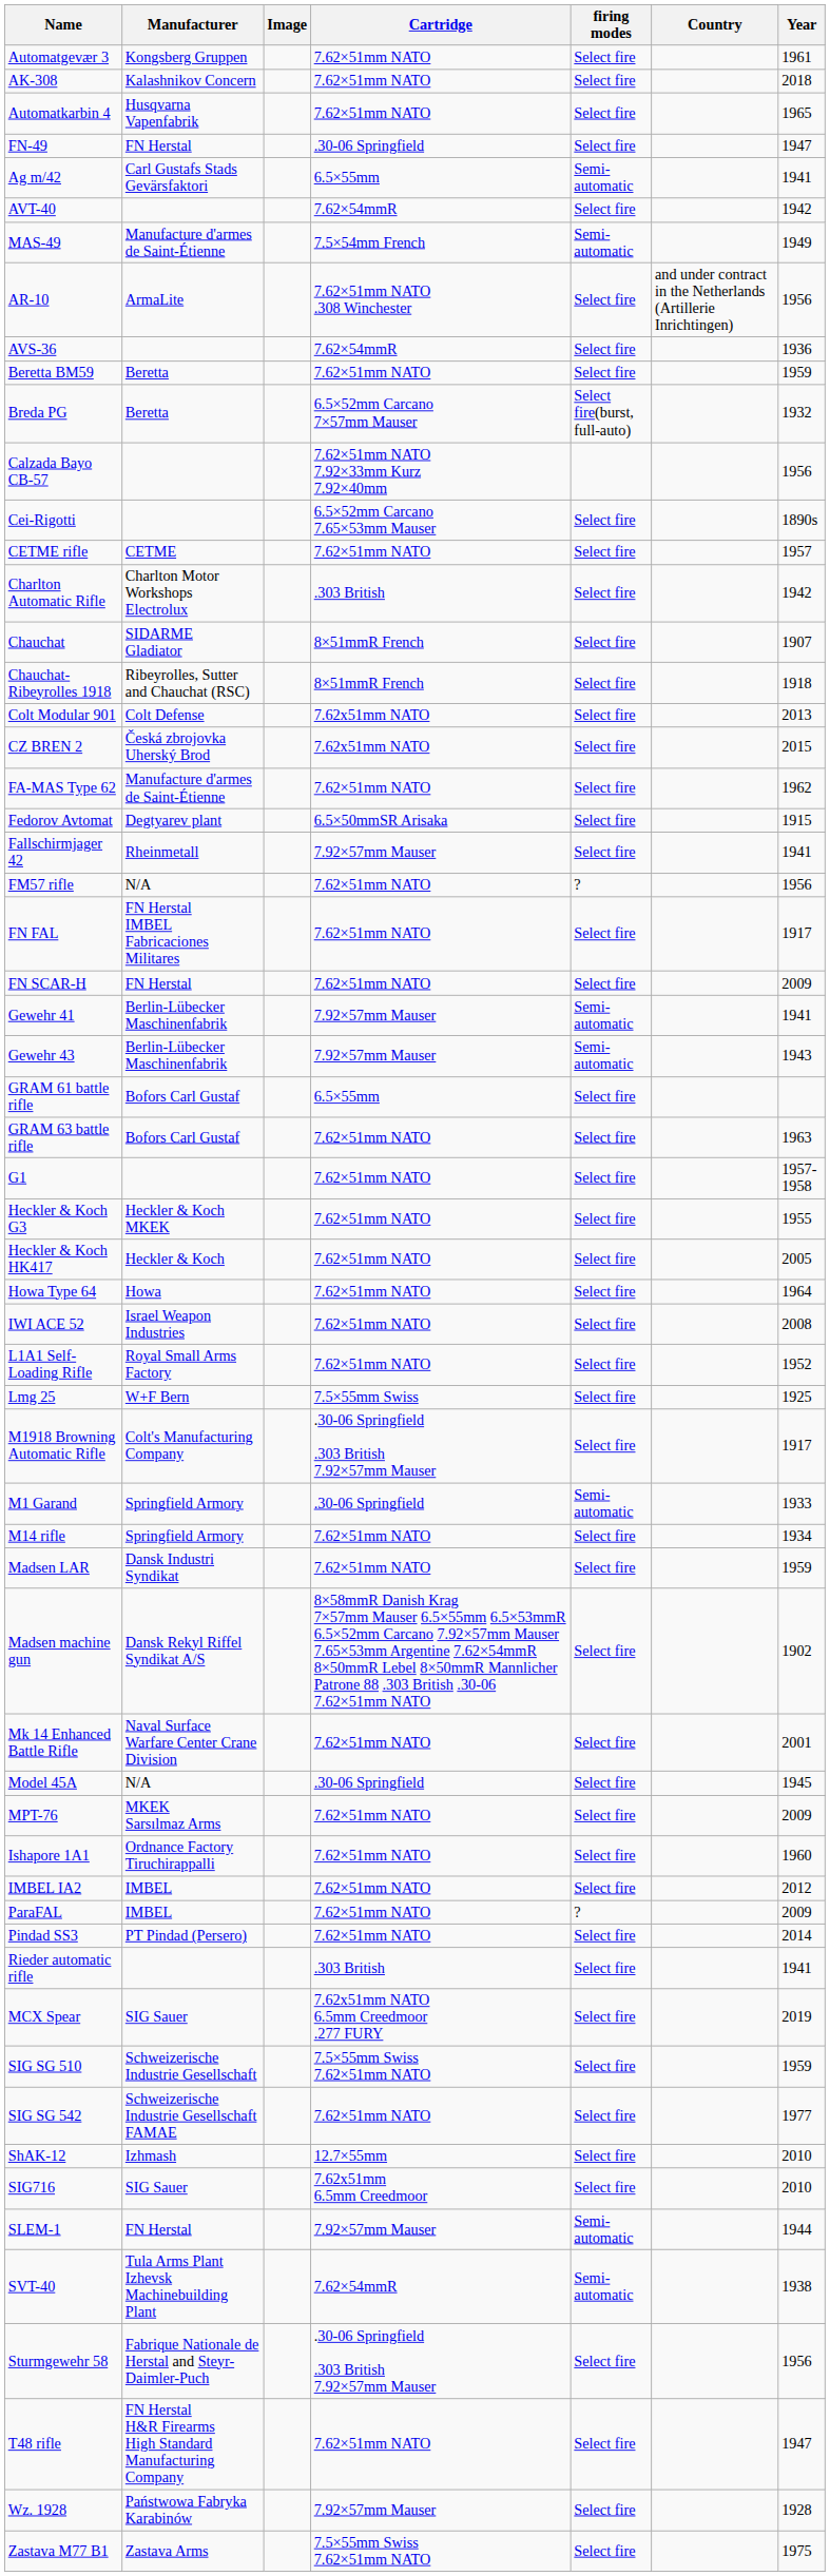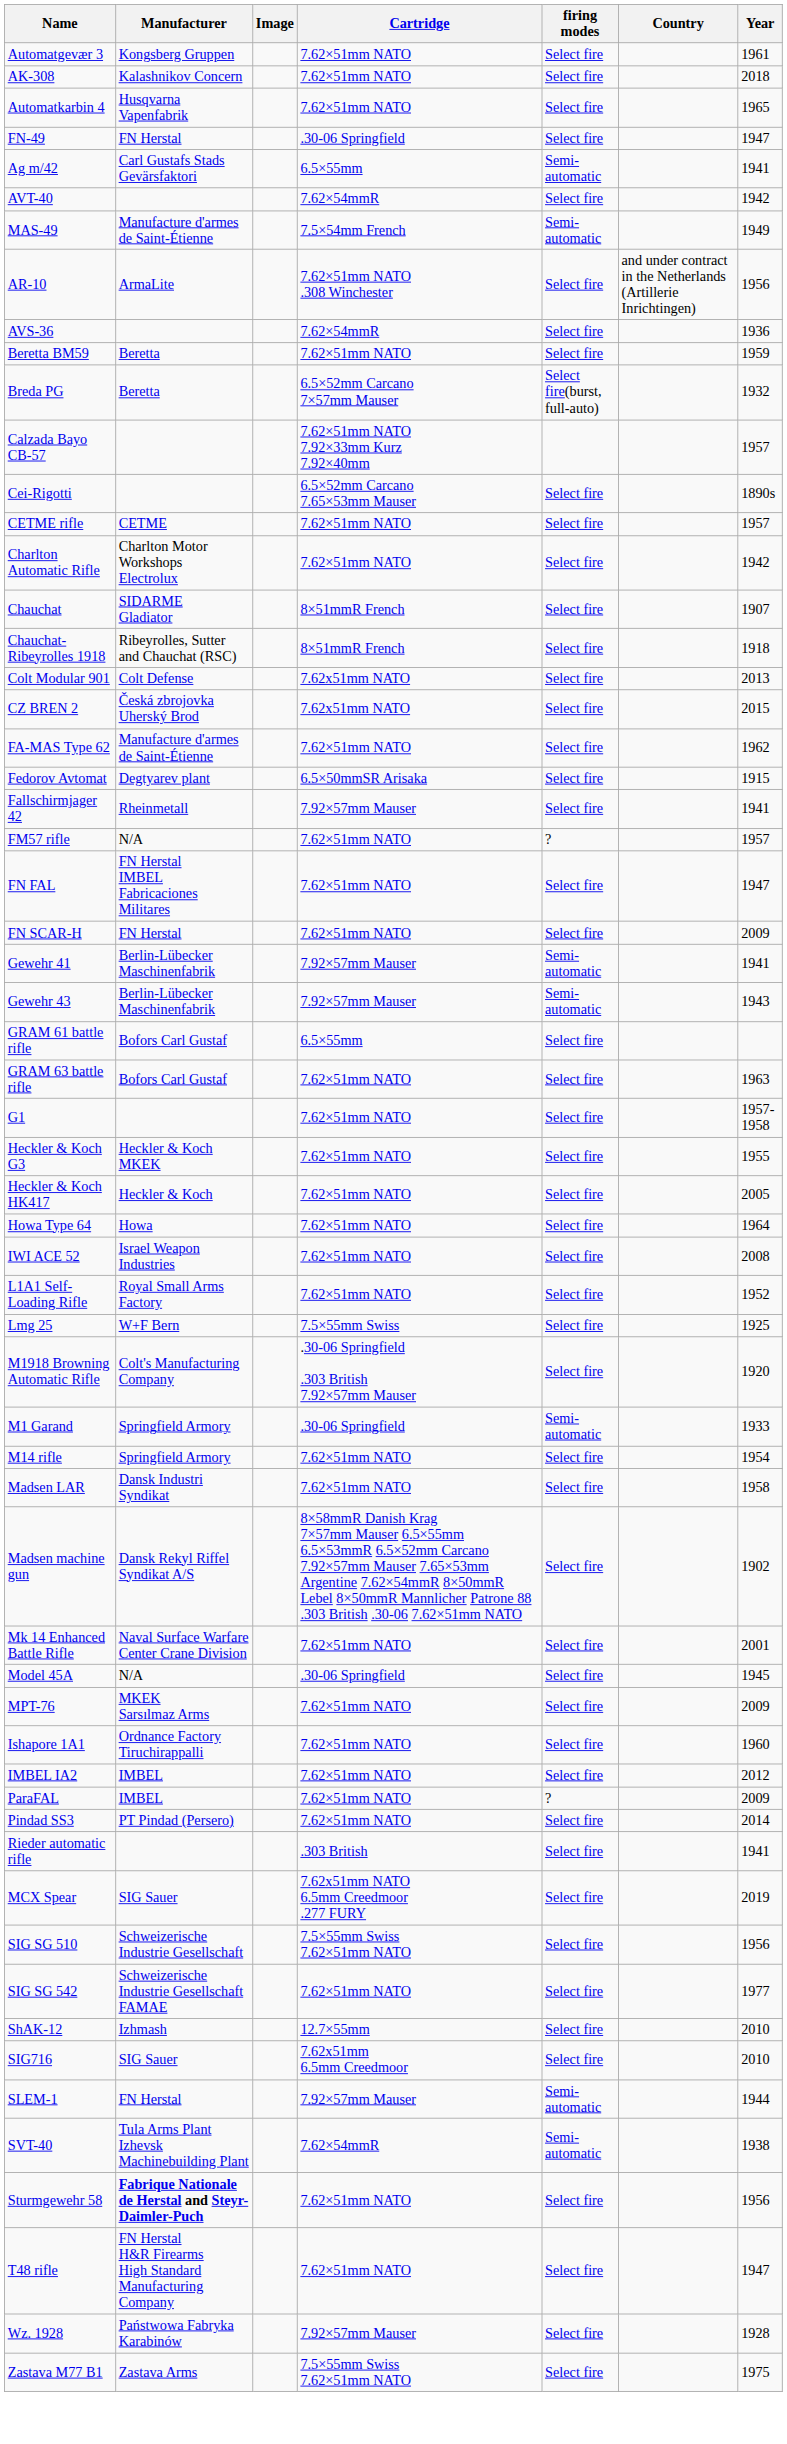 <table class="wikitable sortable" style="width: 99%">
 <tr>
 <th>Name</th>
 <th>Manufacturer</th>
 <th class="unsortable">Image</th>
 <th><a href='#'>Cartridge</a></th>
 <th>firing modes</th>
 <th>Country</th>
 <th>Year</th>
 </tr>
 <tr>
 <td><a href='#'>Automatgevær 3</a></td>
 <td><a href='#'>Kongsberg Gruppen</a></td>
 <td></td>
 <td><a href='#'>7.62×51mm NATO</a></td>
 <td><a href='#'>Select fire</a></td>
 <td></td>
 <td>1961</td>
 </tr>
 <tr>
 <td><a href='#'>AK-308</a></td>
 <td><a href='#'>Kalashnikov Concern</a></td>
 <td></td>
 <td><a href='#'>7.62×51mm NATO</a></td>
 <td><a href='#'>Select fire</a></td>
 <td></td>
 <td>2018</td>
 </tr>
 <tr>
 <td><a href='#'>Automatkarbin 4</a></td>
 <td><a href='#'>Husqvarna Vapenfabrik</a></td>
 <td></td>
 <td><a href='#'>7.62×51mm NATO</a></td>
 <td><a href='#'>Select fire</a></td>
 <td></td>
 <td>1965</td>
 </tr>
 <tr>
 <td><a href='#'>FN-49</a></td>
 <td><a href='#'>FN Herstal</a></td>
 <td></td>
 <td><a href='#'>.30-06 Springfield</a></td>
 <td><a href='#'>Select fire</a></td>
 <td></td>
 <td>1947</td>
 </tr>
 <tr>
 <td><a href='#'>Ag m/42</a></td>
 <td><a href='#'>Carl Gustafs Stads Gevärsfaktori</a></td>
 <td></td>
 <td><a href='#'>6.5×55mm</a></td>
 <td><a href='#'>Semi-automatic</a></td>
 <td></td>
 <td>1941</td>
 </tr>
 <tr>
 <td><a href='#'>AVT-40</a></td>
 <td></td>
 <td></td>
 <td><a href='#'>7.62×54mmR</a></td>
 <td><a href='#'>Select fire</a></td>
 <td></td>
 <td>1942</td>
 </tr>
 <tr>
 <td><a href='#'>MAS-49</a></td>
 <td><a href='#'>Manufacture d'armes de Saint-Étienne</a></td>
 <td></td>
 <td><a href='#'>7.5×54mm French</a></td>
 <td><a href='#'>Semi-automatic</a></td>
 <td></td>
 <td>1949</td>
 </tr>
 <tr>
 <td><a href='#'>AR-10</a></td>
 <td><a href='#'>ArmaLite</a></td>
 <td></td>
 <td><a href='#'>7.62×51mm NATO</a><br><a href='#'>.308 Winchester</a></td>
 <td><a href='#'>Select fire</a></td>
 <td> and under contract in the Netherlands (Artillerie Inrichtingen)</td>
 <td>1956</td>
 </tr>
 <tr>
 <td><a href='#'>AVS-36</a></td>
 <td></td>
 <td></td>
 <td><a href='#'>7.62×54mmR</a></td>
 <td><a href='#'>Select fire</a></td>
 <td></td>
 <td>1936</td>
 </tr>
 <tr>
 <td><a href='#'>Beretta BM59</a></td>
 <td><a href='#'>Beretta</a></td>
 <td></td>
 <td><a href='#'>7.62×51mm NATO</a></td>
 <td><a href='#'>Select fire</a></td>
 <td></td>
 <td>1959</td>
 </tr>
 <tr>
 <td><a href='#'>Breda PG</a></td>
 <td><a href='#'>Beretta</a></td>
 <td></td>
 <td><a href='#'>6.5×52mm Carcano</a><br><a href='#'>7×57mm Mauser</a></td>
 <td><a href='#'>Select fire</a>(burst, full-auto)</td>
 <td></td>
 <td>1932</td>
 </tr>
 <tr>
 <td><a href='#'>Calzada Bayo CB-57</a></td>
 <td></td>
 <td></td>
 <td><a href='#'>7.62×51mm NATO</a><br><a href='#'>7.92×33mm Kurz</a><br><a href='#'>7.92×40mm</a></td>
 <td></td>
 <td></td>
-<td>1956</td>
+<td>1957</td>
 </tr>
 <tr>
 <td><a href='#'>Cei-Rigotti</a></td>
 <td></td>
 <td></td>
 <td><a href='#'>6.5×52mm Carcano</a><br><a href='#'>7.65×53mm Mauser</a></td>
 <td><a href='#'>Select fire</a></td>
 <td></td>
 <td>1890s</td>
 </tr>
 <tr>
 <td><a href='#'>CETME rifle</a></td>
 <td><a href='#'>CETME</a></td>
 <td></td>
 <td><a href='#'>7.62×51mm NATO</a></td>
 <td><a href='#'>Select fire</a></td>
 <td></td>
 <td>1957</td>
 </tr>
 <tr>
 <td><a href='#'>Charlton Automatic Rifle</a></td>
 <td>Charlton Motor Workshops<br><a href='#'>Electrolux</a></td>
 <td></td>
-<td><a href='#'>.303 British</a></td>
+<td><a href='#'>7.62×51mm NATO</a></td>
 <td><a href='#'>Select fire</a></td>
 <td></td>
 <td>1942</td>
 </tr>
 <tr>
 <td><a href='#'>Chauchat</a></td>
 <td><a href='#'>SIDARME</a><br><a href='#'>Gladiator</a></td>
 <td></td>
 <td><a href='#'>8×51mmR French</a></td>
 <td><a href='#'>Select fire</a></td>
 <td></td>
 <td>1907</td>
 </tr>
 <tr>
 <td><a href='#'>Chauchat-Ribeyrolles 1918</a></td>
 <td>Ribeyrolles, Sutter and Chauchat (RSC)</td>
 <td></td>
 <td><a href='#'>8×51mmR French</a></td>
 <td><a href='#'>Select fire</a></td>
 <td></td>
 <td>1918</td>
 </tr>
 <tr>
 <td><a href='#'>Colt Modular 901</a></td>
 <td><a href='#'>Colt Defense</a></td>
 <td></td>
 <td><a href='#'>7.62x51mm NATO</a></td>
 <td><a href='#'>Select fire</a></td>
 <td></td>
 <td>2013</td>
 </tr>
 <tr>
 <td><a href='#'>CZ BREN 2</a></td>
 <td><a href='#'>Česká zbrojovka Uherský Brod</a></td>
 <td></td>
 <td><a href='#'>7.62x51mm NATO</a></td>
 <td><a href='#'>Select fire</a></td>
 <td></td>
 <td>2015</td>
 </tr>
 <tr>
 <td><a href='#'>FA-MAS Type 62</a></td>
 <td><a href='#'>Manufacture d'armes de Saint-Étienne</a></td>
 <td></td>
 <td><a href='#'>7.62×51mm NATO</a></td>
 <td><a href='#'>Select fire</a></td>
 <td></td>
 <td>1962</td>
 </tr>
 <tr>
 <td><a href='#'>Fedorov Avtomat</a></td>
 <td><a href='#'>Degtyarev plant</a></td>
 <td></td>
 <td><a href='#'>6.5×50mmSR Arisaka</a></td>
 <td><a href='#'>Select fire</a></td>
 <td></td>
 <td>1915</td>
 </tr>
 <tr>
 <td><a href='#'>Fallschirmjager 42</a></td>
 <td><a href='#'>Rheinmetall</a></td>
 <td></td>
 <td><a href='#'>7.92×57mm Mauser</a></td>
 <td><a href='#'>Select fire</a></td>
 <td></td>
 <td>1941</td>
 </tr>
 <tr>
 <td><a href='#'>FM57 rifle</a></td>
 <td>N/A</td>
 <td></td>
 <td><a href='#'>7.62×51mm NATO</a></td>
 <td>?</td>
 <td></td>
-<td>1956</td>
+<td>1957</td>
 </tr>
 <tr>
 <td><a href='#'>FN FAL</a></td>
 <td><a href='#'>FN Herstal</a><br><a href='#'>IMBEL</a><br><a href='#'>Fabricaciones Militares</a></td>
 <td></td>
 <td><a href='#'>7.62×51mm NATO</a></td>
 <td><a href='#'>Select fire</a></td>
 <td></td>
-<td>1917</td>
+<td>1947</td>
 </tr>
 <tr>
 <td><a href='#'>FN SCAR-H</a></td>
 <td><a href='#'>FN Herstal</a></td>
 <td></td>
 <td><a href='#'>7.62×51mm NATO</a></td>
 <td><a href='#'>Select fire</a></td>
 <td></td>
 <td>2009</td>
 </tr>
 <tr>
 <td><a href='#'>Gewehr 41</a></td>
 <td><a href='#'>Berlin-Lübecker Maschinenfabrik</a></td>
 <td></td>
 <td><a href='#'>7.92×57mm Mauser</a></td>
 <td><a href='#'>Semi-automatic</a></td>
 <td></td>
 <td>1941</td>
 </tr>
 <tr>
 <td><a href='#'>Gewehr 43</a></td>
 <td><a href='#'>Berlin-Lübecker Maschinenfabrik</a></td>
 <td></td>
 <td><a href='#'>7.92×57mm Mauser</a></td>
 <td><a href='#'>Semi-automatic</a></td>
 <td></td>
 <td>1943</td>
 </tr>
 <tr>
 <td><a href='#'>GRAM 61 battle rifle</a></td>
 <td><a href='#'>Bofors Carl Gustaf</a></td>
 <td></td>
 <td><a href='#'>6.5×55mm</a></td>
 <td><a href='#'>Select fire</a></td>
 <td></td>
 <td></td>
 </tr>
 <tr>
 <td><a href='#'>GRAM 63 battle rifle</a></td>
 <td><a href='#'>Bofors Carl Gustaf</a></td>
 <td></td>
 <td><a href='#'>7.62×51mm NATO</a></td>
 <td><a href='#'>Select fire</a></td>
 <td></td>
 <td>1963</td>
 </tr>
 <tr>
 <td><a href='#'>G1</a></td>
 <td></td>
 <td></td>
 <td><a href='#'>7.62×51mm NATO</a></td>
 <td><a href='#'>Select fire</a></td>
 <td></td>
 <td>1957-1958</td>
 </tr>
 <tr>
 <td><a href='#'>Heckler & Koch G3</a></td>
 <td><a href='#'>Heckler & Koch</a><br><a href='#'>MKEK</a></td>
 <td></td>
 <td><a href='#'>7.62×51mm NATO</a></td>
 <td><a href='#'>Select fire</a></td>
 <td></td>
 <td>1955</td>
 </tr>
 <tr>
 <td><a href='#'>Heckler & Koch HK417</a></td>
 <td><a href='#'>Heckler & Koch</a></td>
 <td></td>
 <td><a href='#'>7.62×51mm NATO</a></td>
 <td><a href='#'>Select fire</a></td>
 <td></td>
 <td>2005</td>
 </tr>
 <tr>
 <td><a href='#'>Howa Type 64</a></td>
 <td><a href='#'>Howa</a></td>
 <td></td>
 <td><a href='#'>7.62×51mm NATO</a></td>
 <td><a href='#'>Select fire</a></td>
 <td></td>
 <td>1964</td>
 </tr>
 <tr>
 <td><a href='#'>IWI ACE 52</a></td>
 <td><a href='#'>Israel Weapon Industries</a></td>
 <td></td>
 <td><a href='#'>7.62×51mm NATO</a></td>
 <td><a href='#'>Select fire</a></td>
 <td></td>
 <td>2008</td>
 </tr>
 <tr>
 <td><a href='#'>L1A1 Self-Loading Rifle</a></td>
 <td><a href='#'>Royal Small Arms Factory</a></td>
 <td></td>
 <td><a href='#'>7.62×51mm NATO</a></td>
 <td><a href='#'>Select fire</a></td>
 <td></td>
 <td>1952</td>
 </tr>
 <tr>
 <td><a href='#'>Lmg 25</a></td>
 <td><a href='#'>W+F Bern</a></td>
 <td></td>
 <td><a href='#'>7.5×55mm Swiss</a></td>
 <td><a href='#'>Select fire</a></td>
 <td></td>
 <td>1925</td>
 </tr>
 <tr>
 <td><a href='#'>M1918 Browning Automatic Rifle</a></td>
 <td><a href='#'>Colt's Manufacturing Company</a></td>
 <td></td>
 <td>.<a href='#'>30-06 Springfield</a><br><br><a href='#'>.303 British</a><br><a href='#'>7.92×57mm Mauser</a></td>
 <td><a href='#'>Select fire</a></td>
 <td></td>
-<td>1917</td>
+<td>1920</td>
 </tr>
 <tr>
 <td><a href='#'>M1 Garand</a></td>
 <td><a href='#'>Springfield Armory</a></td>
 <td></td>
 <td><a href='#'>.30-06 Springfield</a></td>
 <td><a href='#'>Semi-automatic</a></td>
 <td></td>
 <td>1933</td>
 </tr>
 <tr>
 <td><a href='#'>M14 rifle</a></td>
 <td><a href='#'>Springfield Armory</a></td>
 <td></td>
 <td><a href='#'>7.62×51mm NATO</a></td>
 <td><a href='#'>Select fire</a></td>
 <td></td>
-<td>1934</td>
+<td>1954</td>
 </tr>
 <tr>
 <td><a href='#'>Madsen LAR</a></td>
 <td><a href='#'>Dansk Industri Syndikat</a></td>
 <td></td>
 <td><a href='#'>7.62×51mm NATO</a></td>
 <td><a href='#'>Select fire</a></td>
 <td></td>
-<td>1959</td>
+<td>1958</td>
 </tr>
 <tr>
 <td><a href='#'>Madsen machine gun</a></td>
 <td><a href='#'>Dansk Rekyl Riffel Syndikat A/S</a></td>
 <td></td>
 <td><a href='#'>8×58mmR Danish Krag</a><br><a href='#'>7×57mm Mauser</a> <a href='#'>6.5×55mm</a> <a href='#'>6.5×53mmR</a> <a href='#'>6.5×52mm Carcano</a> <a href='#'>7.92×57mm Mauser</a> <a href='#'>7.65×53mm Argentine</a> <a href='#'>7.62×54mmR</a> <a href='#'>8×50mmR Lebel</a> <a href='#'>8×50mmR Mannlicher</a> <a href='#'>Patrone 88</a> <a href='#'>.303 British</a> <a href='#'>.30-06</a> <a href='#'>7.62×51mm NATO</a></td>
 <td><a href='#'>Select fire</a></td>
 <td></td>
 <td>1902</td>
 </tr>
 <tr>
 <td><a href='#'>Mk 14 Enhanced Battle Rifle</a></td>
 <td><a href='#'>Naval Surface Warfare Center Crane Division</a></td>
 <td></td>
 <td><a href='#'>7.62×51mm NATO</a></td>
 <td><a href='#'>Select fire</a></td>
 <td></td>
 <td>2001</td>
 </tr>
 <tr>
 <td><a href='#'>Model 45A</a></td>
 <td>N/A</td>
 <td></td>
 <td><a href='#'>.30-06 Springfield</a></td>
 <td><a href='#'>Select fire</a></td>
 <td><br></td>
 <td>1945</td>
 </tr>
 <tr>
 <td><a href='#'>MPT-76</a></td>
 <td><a href='#'>MKEK</a><br><a href='#'>Sarsılmaz Arms</a></td>
 <td></td>
 <td><a href='#'>7.62×51mm NATO</a></td>
 <td><a href='#'>Select fire</a></td>
 <td></td>
 <td>2009</td>
 </tr>
 <tr>
 <td><a href='#'>Ishapore 1A1</a></td>
 <td><a href='#'>Ordnance Factory Tiruchirappalli</a></td>
 <td></td>
 <td><a href='#'>7.62×51mm NATO</a></td>
 <td><a href='#'>Select fire</a></td>
 <td></td>
 <td>1960</td>
 </tr>
 <tr>
 <td><a href='#'>IMBEL IA2</a></td>
 <td><a href='#'>IMBEL</a></td>
 <td></td>
 <td><a href='#'>7.62×51mm NATO</a></td>
 <td><a href='#'>Select fire</a></td>
 <td></td>
 <td>2012</td>
 </tr>
 <tr>
 <td><a href='#'>ParaFAL</a></td>
 <td><a href='#'>IMBEL</a></td>
 <td></td>
 <td><a href='#'>7.62×51mm NATO</a></td>
 <td>?</td>
 <td></td>
 <td>2009</td>
 </tr>
 <tr>
 <td><a href='#'>Pindad SS3</a></td>
 <td><a href='#'>PT Pindad (Persero)</a></td>
 <td></td>
 <td><a href='#'>7.62×51mm NATO</a></td>
 <td><a href='#'>Select fire</a></td>
 <td></td>
 <td>2014</td>
 </tr>
 <tr>
 <td><a href='#'>Rieder automatic rifle</a></td>
 <td></td>
 <td></td>
 <td><a href='#'>.303 British</a></td>
 <td><a href='#'>Select fire</a></td>
 <td></td>
 <td>1941</td>
 </tr>
 <tr>
 <td><a href='#'>MCX Spear</a></td>
 <td><a href='#'>SIG Sauer</a></td>
 <td></td>
 <td><a href='#'>7.62x51mm NATO</a><br><a href='#'>6.5mm Creedmoor</a><br><a href='#'>.277 FURY</a></td>
 <td><a href='#'>Select fire</a></td>
 <td></td>
 <td>2019</td>
 </tr>
 <tr>
 <td><a href='#'>SIG SG 510</a></td>
 <td><a href='#'>Schweizerische Industrie Gesellschaft</a></td>
 <td></td>
 <td><a href='#'>7.5×55mm Swiss</a><br><a href='#'>7.62×51mm NATO</a></td>
 <td><a href='#'>Select fire</a></td>
 <td></td>
-<td>1959</td>
+<td>1956</td>
 </tr>
 <tr>
 <td><a href='#'>SIG SG 542</a></td>
 <td><a href='#'>Schweizerische Industrie Gesellschaft</a><br><a href='#'>FAMAE</a></td>
 <td></td>
 <td><a href='#'>7.62×51mm NATO</a></td>
 <td><a href='#'>Select fire</a></td>
 <td></td>
 <td>1977</td>
 </tr>
 <tr>
 <td><a href='#'>ShAK-12</a></td>
 <td><a href='#'>Izhmash</a></td>
 <td></td>
 <td><a href='#'>12.7×55mm</a></td>
 <td><a href='#'>Select fire</a></td>
 <td></td>
 <td>2010</td>
 </tr>
 <tr>
 <td><a href='#'>SIG716</a></td>
 <td><a href='#'>SIG Sauer</a></td>
 <td></td>
 <td><a href='#'>7.62x51mm</a><br><a href='#'>6.5mm Creedmoor</a></td>
 <td><a href='#'>Select fire</a></td>
 <td></td>
 <td>2010</td>
 </tr>
 <tr>
 <td><a href='#'>SLEM-1</a></td>
 <td><a href='#'>FN Herstal</a></td>
 <td></td>
 <td><a href='#'>7.92×57mm Mauser</a></td>
 <td><a href='#'>Semi-automatic</a></td>
 <td></td>
 <td>1944</td>
 </tr>
 <tr>
 <td><a href='#'>SVT-40</a></td>
 <td><a href='#'>Tula Arms Plant</a><br><a href='#'>Izhevsk Machinebuilding Plant</a></td>
 <td></td>
 <td><a href='#'>7.62×54mmR</a></td>
 <td><a href='#'>Semi-automatic</a></td>
 <td></td>
 <td>1938</td>
 </tr>
 <tr>
 <td><a href='#'>Sturmgewehr 58</a></td>
-<td><a href='#'>Fabrique Nationale de Herstal</a> and <a href='#'>Steyr-Daimler-Puch</a></td>
+<td><strong><a href='#'>Fabrique Nationale de Herstal</a> and <a href='#'>Steyr-Daimler-Puch</a></strong></td>
 <td></td>
-<td>.<a href='#'>30-06 Springfield</a><br><br><a href='#'>.303 British</a><br><a href='#'>7.92×57mm Mauser</a></td>
+<td><a href='#'>7.62×51mm NATO</a></td>
 <td><a href='#'>Select fire</a></td>
 <td><br></td>
 <td>1956</td>
 </tr>
 <tr>
 <td><a href='#'>T48 rifle</a></td>
 <td><a href='#'>FN Herstal</a><br><a href='#'>H&R Firearms</a><br><a href='#'>High Standard Manufacturing Company</a></td>
 <td></td>
 <td><a href='#'>7.62×51mm NATO</a></td>
 <td><a href='#'>Select fire</a></td>
 <td></td>
 <td>1947</td>
 </tr>
 <tr>
 <td><a href='#'>Wz. 1928</a></td>
 <td><a href='#'>Państwowa Fabryka Karabinów</a></td>
 <td></td>
 <td><a href='#'>7.92×57mm Mauser</a></td>
 <td><a href='#'>Select fire</a></td>
 <td></td>
 <td>1928</td>
 </tr>
 <tr>
 <td><a href='#'>Zastava M77 B1</a></td>
 <td><a href='#'>Zastava Arms</a></td>
 <td></td>
 <td><a href='#'>7.5×55mm Swiss</a><br><a href='#'>7.62×51mm NATO</a></td>
 <td><a href='#'>Select fire</a></td>
 <td></td>
 <td>1975</td>
 </tr>
 </table>
